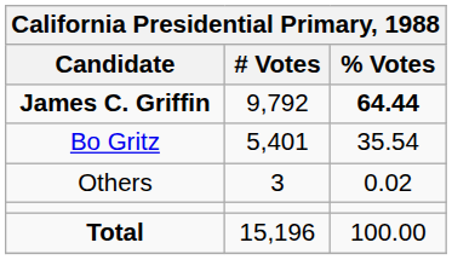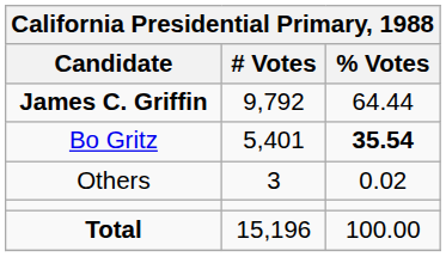 <table class=wikitable style="text-align:center;">
 <tr bgcolor=lightgrey>
 <th colspan="4">California Presidential Primary, 1988 </th>
 </tr>
 <tr bgcolor=lightgrey>
 <th>Candidate</th>
 <th># Votes</th>
 <th>% Votes</th>
 </tr>
 <tr>
 <td><strong>James C. Griffin</strong></td>
 <td>9,792</td>
-<td><strong>64.44</strong></td>
+<td>64.44</td>
 </tr>
 <tr>
 <td><a href='#'>Bo Gritz</a></td>
 <td>5,401</td>
-<td>35.54</td>
+<td><strong>35.54</strong></td>
 </tr>
 <tr>
 <td>Others</td>
 <td>3</td>
 <td>0.02</td>
 </tr>
 <tr>
 <td></td>
 <td></td>
 <td></td>
 </tr>
 <tr>
 <td><strong>Total</strong></td>
 <td>15,196</td>
 <td>100.00</td>
 </tr>
 <tr>
 </tr>
 </table>
